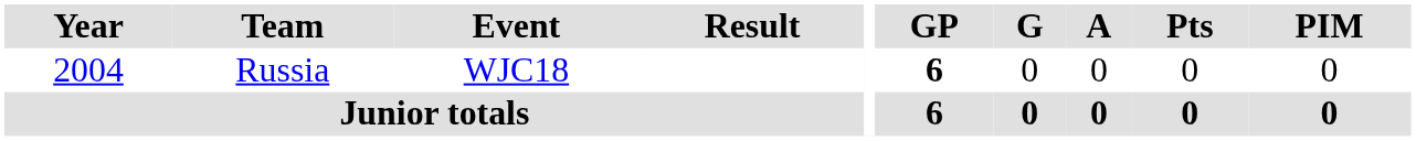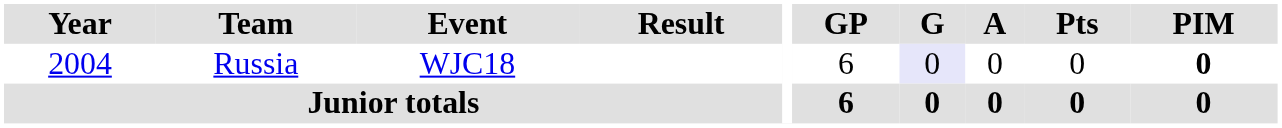 <table border="0" cellpadding="1" cellspacing="0" ID="Table3" style="text-align:center; width:40em">
 <tr ALIGN="center" bgcolor="#e0e0e0">
 <th>Year</th>
 <th>Team</th>
 <th>Event</th>
 <th>Result</th>
 <th rowspan="99" bgcolor="#ffffff"></th>
 <th>GP</th>
 <th>G</th>
 <th>A</th>
 <th>Pts</th>
 <th>PIM</th>
 </tr>
 <tr ALIGN="center">
 <td><a href='#'>2004</a></td>
 <td><a href='#'>Russia</a></td>
 <td><a href='#'>WJC18</a></td>
 <td></td>
-<td><strong>6</strong></td>
+<td>6</td>
+<td style="background: lavender;">0</td>
 <td>0</td>
 <td>0</td>
-<td>0</td>
-<td>0</td>
+<td><strong>0</strong></td>
 </tr>
 <tr bgcolor="#e0e0e0">
 <th colspan="4">Junior totals</th>
 <th>6</th>
 <th>0</th>
 <th>0</th>
 <th>0</th>
 <th>0</th>
 </tr>
 </table>
